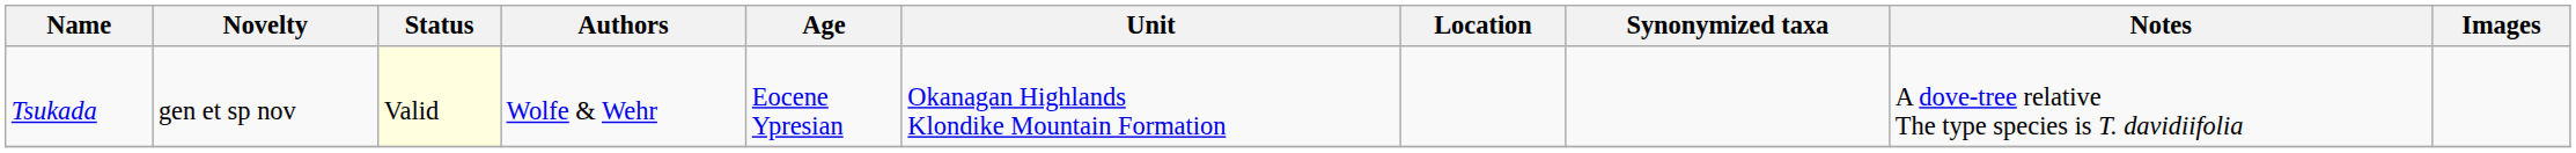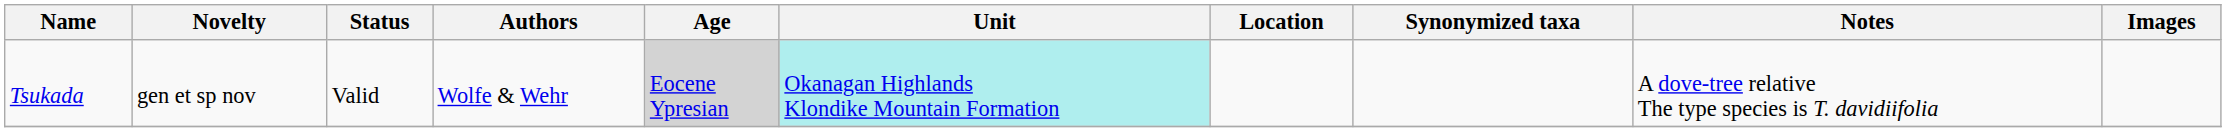 <table class="wikitable sortable" align="center" width="100%">
 <tr>
 <th>Name</th>
 <th>Novelty</th>
 <th>Status</th>
 <th>Authors</th>
 <th>Age</th>
 <th>Unit</th>
 <th>Location</th>
 <th>Synonymized taxa</th>
 <th>Notes</th>
 <th>Images</th>
 </tr>
 <tr>
 <td><br><em><a href='#'>Tsukada</a></em></td>
 <td><br>gen et sp nov</td>
-<td style="background: lightyellow;"><br>Valid</td>
+<td><br>Valid</td>
 <td><br><a href='#'>Wolfe</a> & <a href='#'>Wehr</a></td>
-<td><br><a href='#'>Eocene</a><br><a href='#'>Ypresian</a></td>
-<td><br><a href='#'>Okanagan Highlands</a><br><a href='#'>Klondike Mountain Formation</a></td>
+<td style="background: lightgrey;"><br><a href='#'>Eocene</a><br><a href='#'>Ypresian</a></td>
+<td style="background: paleturquoise;"><br><a href='#'>Okanagan Highlands</a><br><a href='#'>Klondike Mountain Formation</a></td>
 <td><br><br></td>
 <td></td>
 <td><br>A <a href='#'>dove-tree</a> relative<br>The type species is <em>T. davidiifolia</em></td>
 <td><br></td>
 </tr>
 <tr>
 </tr>
 </table>
